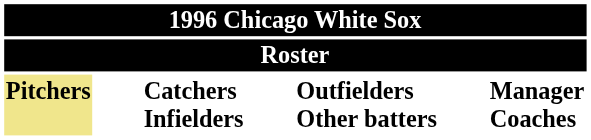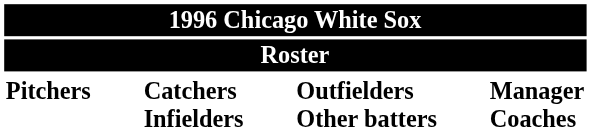 <table class="toccolours" style="font-size: 95%;">
 <tr>
 <th colspan="10" style="background-color: black; color: #FFFFFF; text-align: center;">1996 Chicago White Sox</th>
 </tr>
 <tr>
 <td colspan="10" style="background-color:black; color: white; text-align: center;"><strong>Roster</strong></td>
 </tr>
 <tr>
-<td valign="top" style="background: khaki;"><strong>Pitchers</strong><br>                     </td>
+<td valign="top"><strong>Pitchers</strong><br>                     </td>
 <td width="25px"></td>
 <td valign="top"><strong>Catchers</strong><br>     <strong>Infielders</strong>          </td>
 <td width="25px"></td>
 <td valign="top"><strong>Outfielders</strong><br>      <strong>Other batters</strong> </td>
 <td width="25px"></td>
 <td valign="top"><strong>Manager</strong><br> <strong>Coaches</strong>           </td>
 </tr>
 </table>
